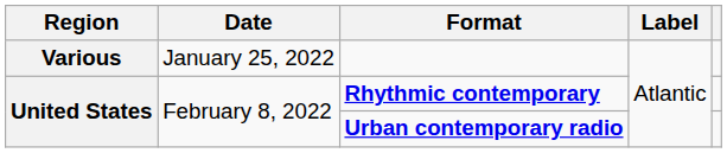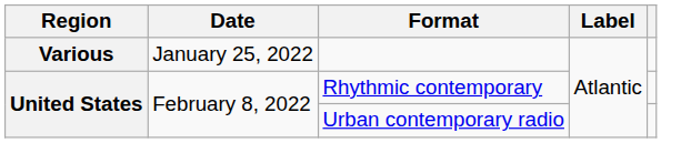 <table class="wikitable plainrowheaders">
 <tr>
 <th scope="col">Region</th>
 <th scope="col">Date</th>
 <th scope="col">Format</th>
 <th scope="col">Label</th>
 <th scope="col"></th>
 </tr>
 <tr>
 <th scope="row">Various</th>
 <td>January 25, 2022</td>
 <td></td>
 <td rowspan="3">Atlantic</td>
 <td></td>
 </tr>
 <tr>
 <th scope="row" rowspan="2">United States</th>
 <td rowspan="2">February 8, 2022</td>
-<td><strong><a href='#'>Rhythmic contemporary</a></strong></td>
+<td><a href='#'>Rhythmic contemporary</a></td>
 <td></td>
 </tr>
 <tr>
-<td><strong><a href='#'>Urban contemporary radio</a></strong></td>
+<td><a href='#'>Urban contemporary radio</a></td>
 <td></td>
 </tr>
 </table>
